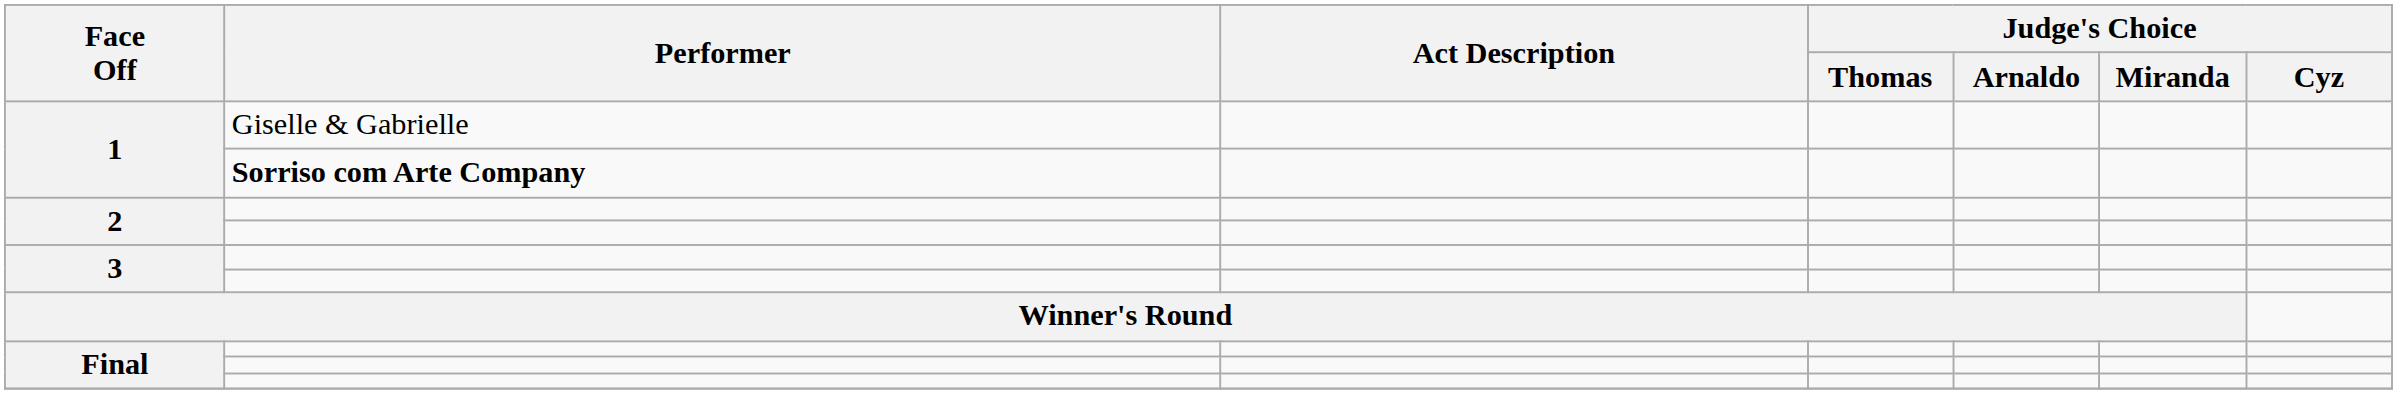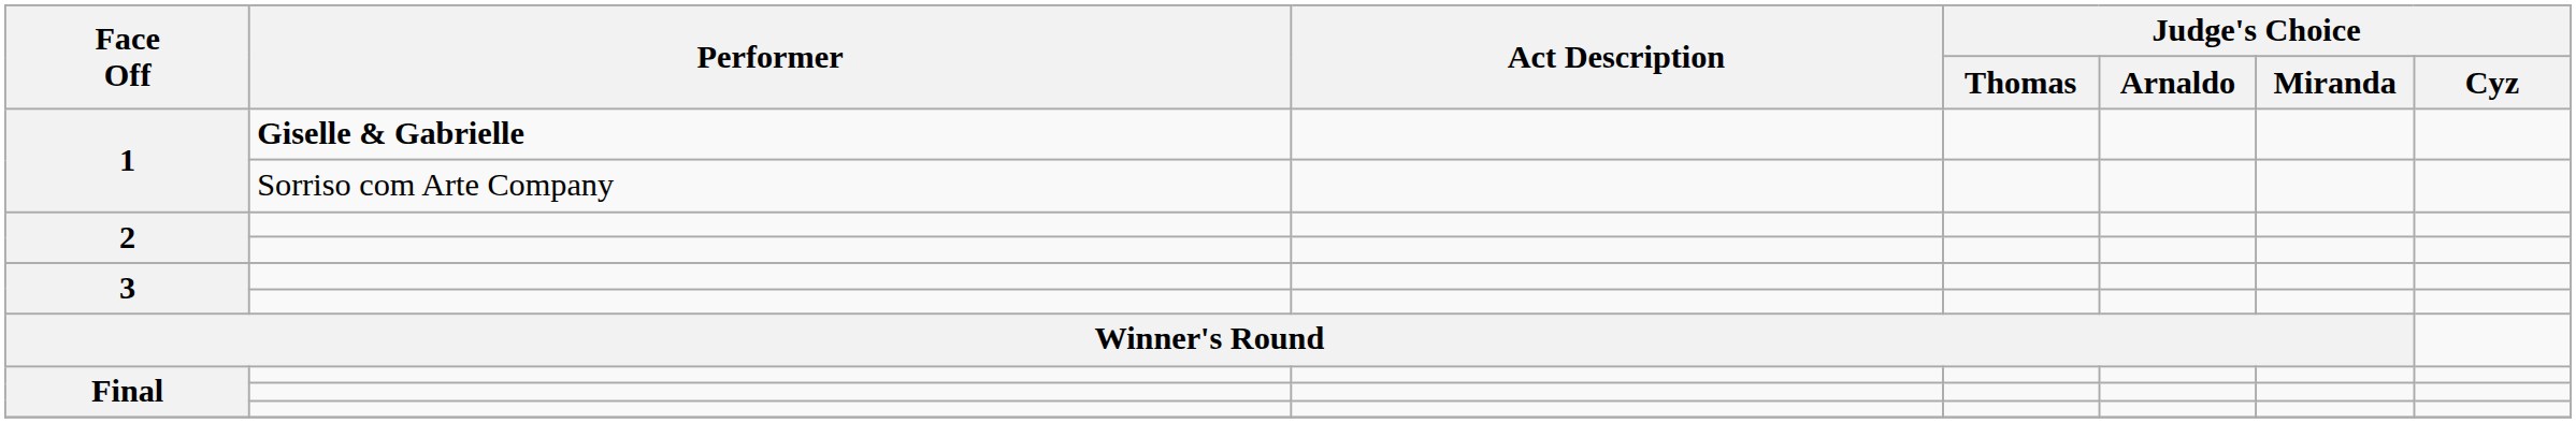 <table class="wikitable" width="100%">
 <tr>
 <th rowspan=2>Face<br>Off</th>
 <th rowspan=2>Performer</th>
 <th rowspan=2>Act Description</th>
 <th colspan=4>Judge's Choice</th>
 </tr>
 <tr>
 <th width="70">Thomas</th>
 <th width="70">Arnaldo</th>
 <th width="70">Miranda</th>
 <th width="70">Cyz</th>
 </tr>
 <tr>
 <th rowspan=2>1</th>
-<td>Giselle & Gabrielle</td>
+<td><strong>Giselle & Gabrielle</strong></td>
 <td></td>
 <td></td>
 <td></td>
 <td></td>
 <td></td>
 </tr>
 <tr>
-<td><strong>Sorriso com Arte Company</strong></td>
+<td>Sorriso com Arte Company</td>
 <td></td>
 <td></td>
 <td></td>
 <td></td>
 <td></td>
 </tr>
 <tr>
 <th rowspan=2>2</th>
 <td></td>
 <td></td>
 <td></td>
 <td></td>
 <td></td>
 <td></td>
 </tr>
 <tr>
 <td></td>
 <td></td>
 <td></td>
 <td></td>
 <td></td>
 <td></td>
 </tr>
 <tr>
 <th rowspan=2>3</th>
 <td></td>
 <td></td>
 <td></td>
 <td></td>
 <td></td>
 <td></td>
 </tr>
 <tr>
 <td></td>
 <td></td>
 <td></td>
 <td></td>
 <td></td>
 <td></td>
 </tr>
 <tr>
 <th colspan=6>Winner's Round</th>
 </tr>
 <tr>
 <th rowspan=3>Final</th>
 <td></td>
 <td></td>
 <td></td>
 <td></td>
 <td></td>
 <td></td>
 </tr>
 <tr>
 <td></td>
 <td></td>
 <td></td>
 <td></td>
 <td></td>
 <td></td>
 </tr>
 <tr>
 <td></td>
 <td></td>
 <td></td>
 <td></td>
 <td></td>
 <td></td>
 </tr>
 <tr>
 </tr>
 </table>
